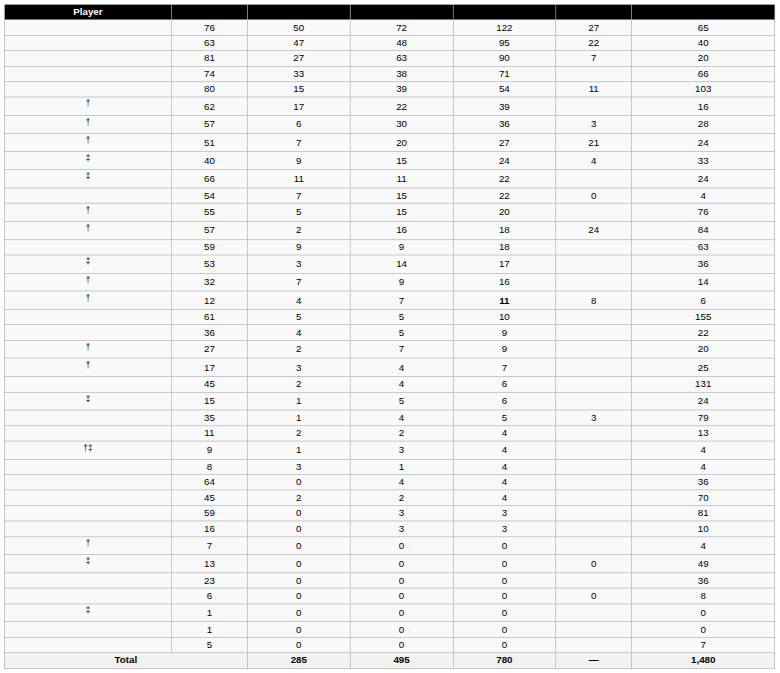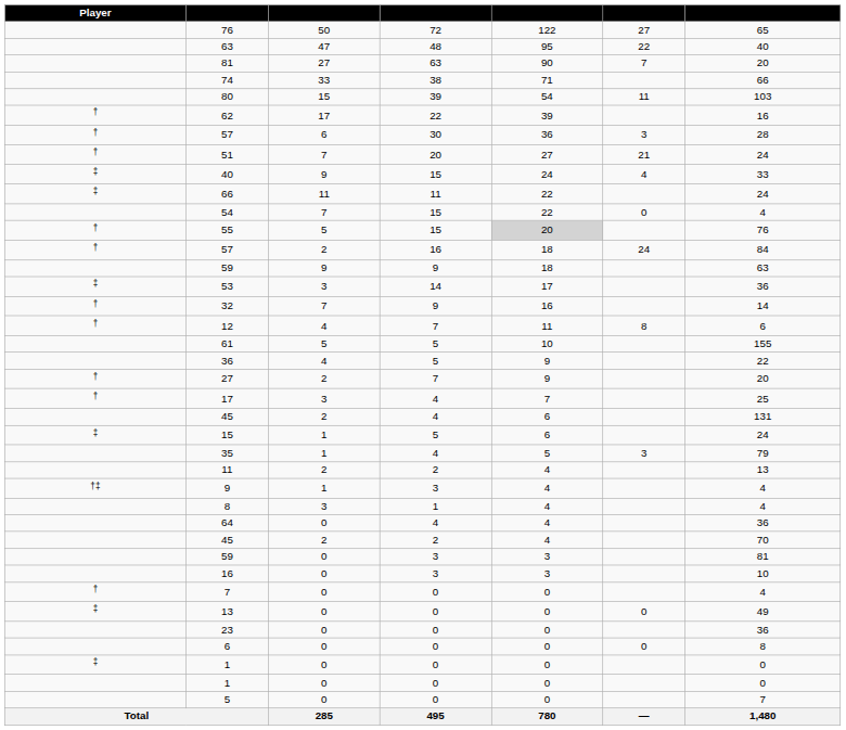 <table class="wikitable sortable" style="width:100%; text-align:center;">
 <tr align=center>
 <th style="color:white; background:#000000; ">Player</th>
 <th style="color:white; background:#000000; "></th>
 <th style="color:white; background:#000000; "></th>
 <th style="color:white; background:#000000; "></th>
 <th style="color:white; background:#000000; "></th>
 <th style="color:white; background:#000000; "></th>
 <th style="color:white; background:#000000; "></th>
 </tr>
 <tr>
 <td></td>
 <td>76</td>
 <td>50</td>
 <td>72</td>
 <td>122</td>
 <td>27</td>
 <td>65</td>
 </tr>
 <tr>
 <td></td>
 <td>63</td>
 <td>47</td>
 <td>48</td>
 <td>95</td>
 <td>22</td>
 <td>40</td>
 </tr>
 <tr>
 <td></td>
 <td>81</td>
 <td>27</td>
 <td>63</td>
 <td>90</td>
 <td>7</td>
 <td>20</td>
 </tr>
 <tr>
 <td></td>
 <td>74</td>
 <td>33</td>
 <td>38</td>
 <td>71</td>
 <td></td>
 <td>66</td>
 </tr>
 <tr>
 <td></td>
 <td>80</td>
 <td>15</td>
 <td>39</td>
 <td>54</td>
 <td>11</td>
 <td>103</td>
 </tr>
 <tr>
 <td><sup>†</sup></td>
 <td>62</td>
 <td>17</td>
 <td>22</td>
 <td>39</td>
 <td></td>
 <td>16</td>
 </tr>
 <tr>
 <td><sup>†</sup></td>
 <td>57</td>
 <td>6</td>
 <td>30</td>
 <td>36</td>
 <td>3</td>
 <td>28</td>
 </tr>
 <tr>
 <td><sup>†</sup></td>
 <td>51</td>
 <td>7</td>
 <td>20</td>
 <td>27</td>
 <td>21</td>
 <td>24</td>
 </tr>
 <tr>
 <td><sup>‡</sup></td>
 <td>40</td>
 <td>9</td>
 <td>15</td>
 <td>24</td>
 <td>4</td>
 <td>33</td>
 </tr>
 <tr>
 <td><sup>‡</sup></td>
 <td>66</td>
 <td>11</td>
 <td>11</td>
 <td>22</td>
 <td></td>
 <td>24</td>
 </tr>
 <tr>
 <td></td>
 <td>54</td>
 <td>7</td>
 <td>15</td>
 <td>22</td>
 <td>0</td>
 <td>4</td>
 </tr>
 <tr>
 <td><sup>†</sup></td>
 <td>55</td>
 <td>5</td>
 <td>15</td>
-<td>20</td>
+<td style="background: lightgrey;">20</td>
 <td></td>
 <td>76</td>
 </tr>
 <tr>
 <td><sup>†</sup></td>
 <td>57</td>
 <td>2</td>
 <td>16</td>
 <td>18</td>
 <td>24</td>
 <td>84</td>
 </tr>
 <tr>
 <td></td>
 <td>59</td>
 <td>9</td>
 <td>9</td>
 <td>18</td>
 <td></td>
 <td>63</td>
 </tr>
 <tr>
 <td><sup>‡</sup></td>
 <td>53</td>
 <td>3</td>
 <td>14</td>
 <td>17</td>
 <td></td>
 <td>36</td>
 </tr>
 <tr>
 <td><sup>†</sup></td>
 <td>32</td>
 <td>7</td>
 <td>9</td>
 <td>16</td>
 <td></td>
 <td>14</td>
 </tr>
 <tr>
 <td><sup>†</sup></td>
 <td>12</td>
 <td>4</td>
 <td>7</td>
-<td><strong>11</strong></td>
+<td>11</td>
 <td>8</td>
 <td>6</td>
 </tr>
 <tr>
 <td></td>
 <td>61</td>
 <td>5</td>
 <td>5</td>
 <td>10</td>
 <td></td>
 <td>155</td>
 </tr>
 <tr>
 <td></td>
 <td>36</td>
 <td>4</td>
 <td>5</td>
 <td>9</td>
 <td></td>
 <td>22</td>
 </tr>
 <tr>
 <td><sup>†</sup></td>
 <td>27</td>
 <td>2</td>
 <td>7</td>
 <td>9</td>
 <td></td>
 <td>20</td>
 </tr>
 <tr>
 <td><sup>†</sup></td>
 <td>17</td>
 <td>3</td>
 <td>4</td>
 <td>7</td>
 <td></td>
 <td>25</td>
 </tr>
 <tr>
 <td></td>
 <td>45</td>
 <td>2</td>
 <td>4</td>
 <td>6</td>
 <td></td>
 <td>131</td>
 </tr>
 <tr>
 <td><sup>‡</sup></td>
 <td>15</td>
 <td>1</td>
 <td>5</td>
 <td>6</td>
 <td></td>
 <td>24</td>
 </tr>
 <tr>
 <td></td>
 <td>35</td>
 <td>1</td>
 <td>4</td>
 <td>5</td>
 <td>3</td>
 <td>79</td>
 </tr>
 <tr>
 <td></td>
 <td>11</td>
 <td>2</td>
 <td>2</td>
 <td>4</td>
 <td></td>
 <td>13</td>
 </tr>
 <tr>
 <td><sup>†‡</sup></td>
 <td>9</td>
 <td>1</td>
 <td>3</td>
 <td>4</td>
 <td></td>
 <td>4</td>
 </tr>
 <tr>
 <td></td>
 <td>8</td>
 <td>3</td>
 <td>1</td>
 <td>4</td>
 <td></td>
 <td>4</td>
 </tr>
 <tr>
 <td></td>
 <td>64</td>
 <td>0</td>
 <td>4</td>
 <td>4</td>
 <td></td>
 <td>36</td>
 </tr>
 <tr>
 <td></td>
 <td>45</td>
 <td>2</td>
 <td>2</td>
 <td>4</td>
 <td></td>
 <td>70</td>
 </tr>
 <tr>
 <td></td>
 <td>59</td>
 <td>0</td>
 <td>3</td>
 <td>3</td>
 <td></td>
 <td>81</td>
 </tr>
 <tr>
 <td></td>
 <td>16</td>
 <td>0</td>
 <td>3</td>
 <td>3</td>
 <td></td>
 <td>10</td>
 </tr>
 <tr>
 <td><sup>†</sup></td>
 <td>7</td>
 <td>0</td>
 <td>0</td>
 <td>0</td>
 <td></td>
 <td>4</td>
 </tr>
 <tr>
 <td><sup>‡</sup></td>
 <td>13</td>
 <td>0</td>
 <td>0</td>
 <td>0</td>
 <td>0</td>
 <td>49</td>
 </tr>
 <tr>
 <td></td>
 <td>23</td>
 <td>0</td>
 <td>0</td>
 <td>0</td>
 <td></td>
 <td>36</td>
 </tr>
 <tr>
 <td></td>
 <td>6</td>
 <td>0</td>
 <td>0</td>
 <td>0</td>
 <td>0</td>
 <td>8</td>
 </tr>
 <tr>
 <td><sup>‡</sup></td>
 <td>1</td>
 <td>0</td>
 <td>0</td>
 <td>0</td>
 <td></td>
 <td>0</td>
 </tr>
 <tr>
 <td></td>
 <td>1</td>
 <td>0</td>
 <td>0</td>
 <td>0</td>
 <td></td>
 <td>0</td>
 </tr>
 <tr>
 <td></td>
 <td>5</td>
 <td>0</td>
 <td>0</td>
 <td>0</td>
 <td></td>
 <td>7</td>
 </tr>
 <tr class="sortbotom">
 <th colspan=2>Total</th>
 <th>285</th>
 <th>495</th>
 <th>780</th>
 <th>—</th>
 <th>1,480</th>
 </tr>
 </table>
